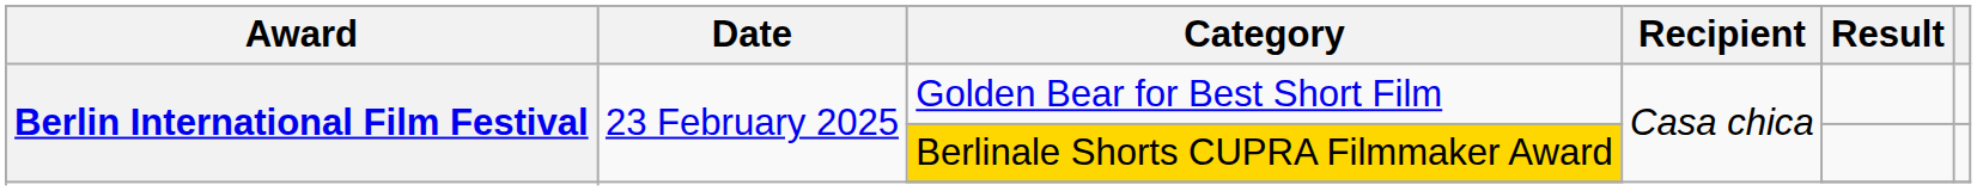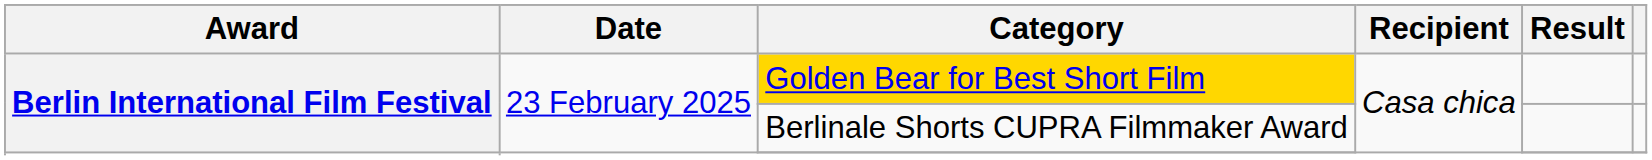 <table class="wikitable sortable plainrowheaders">
 <tr>
 <th>Award</th>
 <th>Date</th>
 <th>Category</th>
 <th>Recipient</th>
 <th>Result</th>
 <th></th>
 </tr>
 <tr>
 <th scope="row" rowspan=3><a href='#'>Berlin International Film Festival</a></th>
 <td rowspan=3><a href='#'>23 February 2025</a></td>
-<td><a href='#'>Golden Bear for Best Short Film</a></td>
+<td style="background: gold;"><a href='#'>Golden Bear for Best Short Film</a></td>
 <td rowspan="3"><em>Casa chica</em></td>
 <td></td>
 <td align="center" rowspan="1"></td>
 </tr>
 <tr>
-<td style="background: gold;">Berlinale Shorts CUPRA Filmmaker Award</td>
+<td>Berlinale Shorts CUPRA Filmmaker Award</td>
 <td></td>
 <td align="center" rowspan="1"></td>
 </tr>
 <tr>
 </tr>
 </table>
